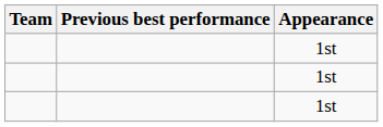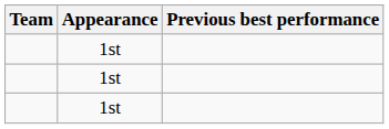 <table class="wikitable sortable">
 <tr>
 <th>Team</th>
+<th data-sort-type="number">Appearance</th>
 <th>Previous best performance</th>
-<th data-sort-type="number">Appearance</th>
 </tr>
 <tr>
 <td></td>
+<td style="text-align:center">1st</td>
 <td></td>
-<td style="text-align:center">1st</td>
 </tr>
 <tr>
 <td></td>
+<td style="text-align:center">1st</td>
 <td></td>
-<td style="text-align:center">1st</td>
 </tr>
 <tr>
 <td></td>
+<td style="text-align:center">1st</td>
 <td></td>
-<td style="text-align:center">1st</td>
 </tr>
 </table>
